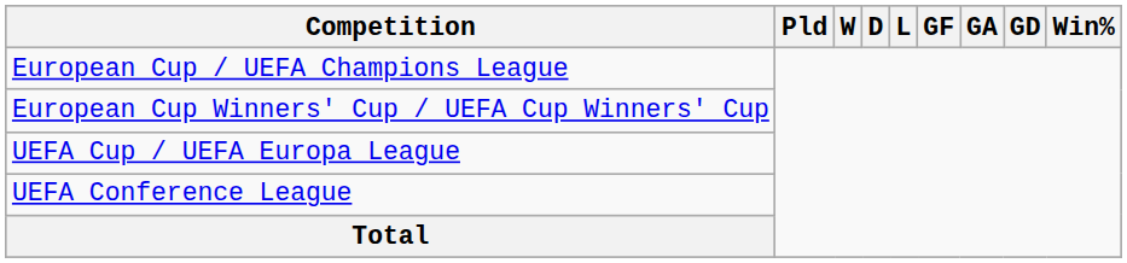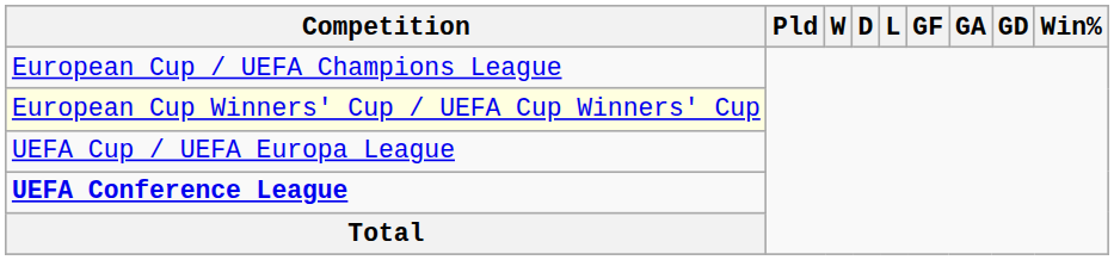 <table class="wikitable unsortable plainrowheaders" style="text-align:center">
 <tr>
 <th scope="col">Competition</th>
 <th scope="col">Pld</th>
 <th scope="col">W</th>
 <th scope="col">D</th>
 <th scope="col">L</th>
 <th scope="col">GF</th>
 <th scope="col">GA</th>
 <th scope="col">GD</th>
 <th scope="col">Win%</th>
 </tr>
 <tr>
 <td align=left><a href='#'>European Cup / UEFA Champions League</a><br></td>
 </tr>
 <tr>
-<td align=left><a href='#'>European Cup Winners' Cup / UEFA Cup Winners' Cup</a><br></td>
+<td align=left style="background: lightyellow;"><a href='#'>European Cup Winners' Cup / UEFA Cup Winners' Cup</a><br></td>
 </tr>
 <tr>
 <td align=left><a href='#'>UEFA Cup / UEFA Europa League</a><br></td>
 </tr>
 <tr>
-<td align=left><a href='#'>UEFA Conference League</a><br></td>
+<td align=left><strong><a href='#'>UEFA Conference League</a><br></strong></td>
 </tr>
 <tr>
 <th>Total<br></th>
 </tr>
 </table>
